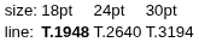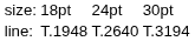 <table style="margin-left:40px;">
 <tr>
 <td>size:</td>
 <td>18pt</td>
 <td>24pt</td>
 <td>30pt</td>
 </tr>
 <tr>
 <td>line:</td>
-<td><strong>T.1948</strong></td>
+<td>T.1948</td>
 <td>T.2640</td>
 <td>T.3194</td>
 </tr>
 </table>
